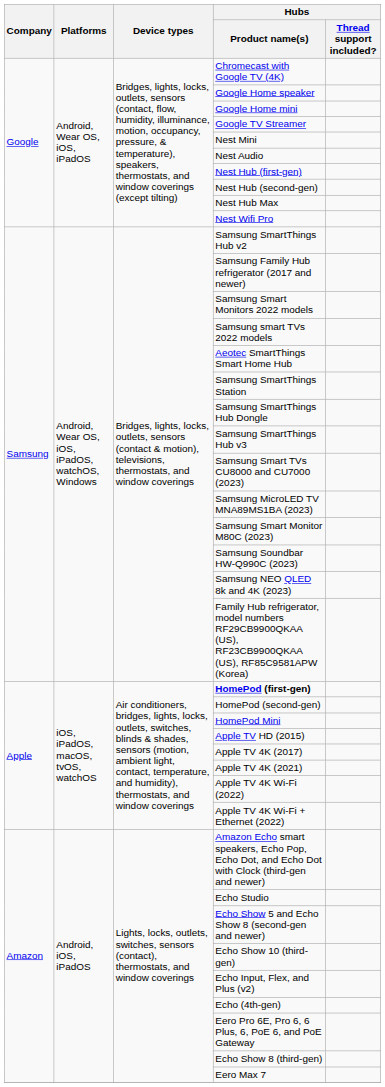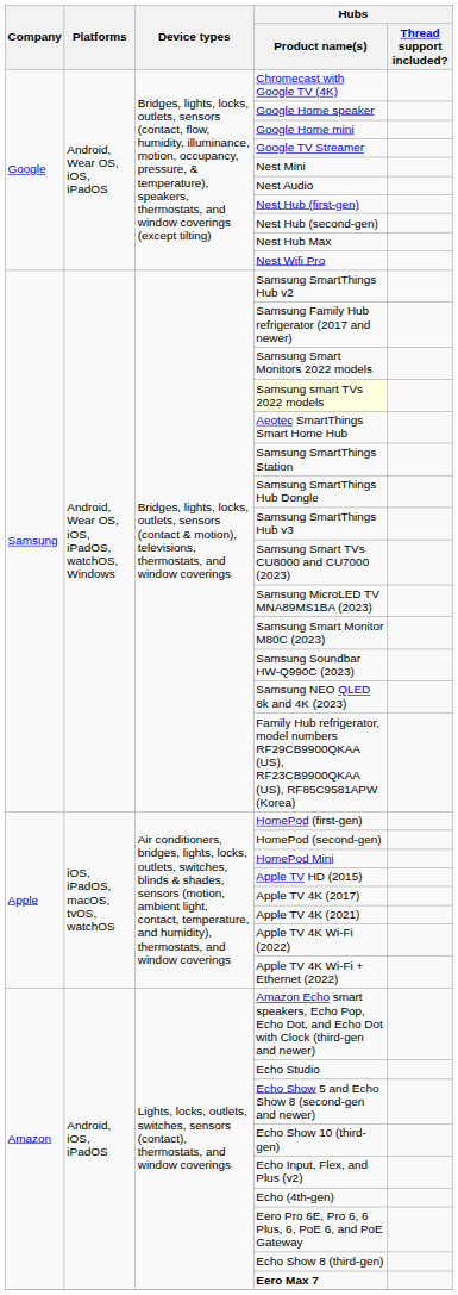 <table class="wikitable">
 <tr>
 <th rowspan=2>Company</th>
 <th rowspan=2>Platforms</th>
 <th rowspan=2>Device types</th>
 <th colspan=2>Hubs</th>
 </tr>
 <tr>
 <th>Product name(s)</th>
 <th><a href='#'>Thread</a> support included?</th>
 </tr>
 <tr>
 <td rowspan=10><a href='#'>Google</a></td>
 <td rowspan=10>Android, Wear OS, iOS, iPadOS</td>
 <td rowspan=10>Bridges, lights, locks, outlets, sensors (contact, flow, humidity, illuminance, motion, occupancy, pressure, & temperature), speakers, thermostats, and window coverings (except tilting)</td>
 <td><a href='#'>Chromecast with Google TV (4K)</a></td>
 <td></td>
 </tr>
 <tr>
 <td><a href='#'>Google Home speaker</a></td>
 <td></td>
 </tr>
 <tr>
 <td><a href='#'>Google Home mini</a></td>
 <td></td>
 </tr>
 <tr>
 <td><a href='#'>Google TV Streamer</a></td>
 <td></td>
 </tr>
 <tr>
 <td>Nest Mini</td>
 <td></td>
 </tr>
 <tr>
 <td>Nest Audio</td>
 <td></td>
 </tr>
 <tr>
 <td><a href='#'>Nest Hub (first-gen)</a></td>
 <td></td>
 </tr>
 <tr>
 <td>Nest Hub (second-gen)</td>
 <td></td>
 </tr>
 <tr>
 <td>Nest Hub Max</td>
 <td></td>
 </tr>
 <tr>
 <td><a href='#'>Nest Wifi Pro</a></td>
 <td></td>
 </tr>
 <tr>
 <td rowspan=14><a href='#'>Samsung</a></td>
 <td rowspan=14>Android, Wear OS, iOS, iPadOS, watchOS, Windows</td>
 <td rowspan=14>Bridges, lights, locks, outlets, sensors (contact & motion), televisions, thermostats, and window coverings</td>
 <td>Samsung SmartThings Hub v2</td>
 <td></td>
 </tr>
 <tr>
 <td>Samsung Family Hub refrigerator (2017 and newer)</td>
 <td></td>
 </tr>
 <tr>
 <td>Samsung Smart Monitors 2022 models</td>
 <td></td>
 </tr>
 <tr>
-<td>Samsung smart TVs 2022 models</td>
+<td style="background: lightyellow;">Samsung smart TVs 2022 models</td>
 <td></td>
 </tr>
 <tr>
 <td><a href='#'>Aeotec</a> SmartThings Smart Home Hub</td>
 <td></td>
 </tr>
 <tr>
 <td>Samsung SmartThings Station</td>
 <td></td>
 </tr>
 <tr>
 <td>Samsung SmartThings Hub Dongle</td>
 <td></td>
 </tr>
 <tr>
 <td>Samsung SmartThings Hub v3</td>
 <td></td>
 </tr>
 <tr>
 <td>Samsung Smart TVs CU8000 and CU7000 (2023)</td>
 <td></td>
 </tr>
 <tr>
 <td>Samsung MicroLED TV MNA89MS1BA (2023)</td>
 <td></td>
 </tr>
 <tr>
 <td>Samsung Smart Monitor M80C (2023)</td>
 <td></td>
 </tr>
 <tr>
 <td>Samsung Soundbar HW-Q990C (2023)</td>
 <td></td>
 </tr>
 <tr>
 <td>Samsung NEO <a href='#'>QLED</a> 8k and 4K (2023)</td>
 <td></td>
 </tr>
 <tr>
 <td>Family Hub refrigerator, model numbers RF29CB9900QKAA (US), RF23CB9900QKAA (US), RF85C9581APW (Korea)</td>
 <td></td>
 </tr>
 <tr>
 <td rowspan="8"><a href='#'>Apple</a></td>
 <td rowspan="8">iOS, iPadOS, macOS, tvOS, watchOS</td>
 <td rowspan="8">Air conditioners, bridges, lights, locks, outlets, switches, blinds & shades, sensors (motion, ambient light, contact, temperature, and humidity), thermostats, and window coverings</td>
-<td><strong><a href='#'>HomePod</a> (first-gen)</strong></td>
+<td><a href='#'>HomePod</a> (first-gen)</td>
 <td></td>
 </tr>
 <tr>
 <td>HomePod (second-gen)</td>
 <td></td>
 </tr>
 <tr>
 <td><a href='#'>HomePod Mini</a></td>
 <td></td>
 </tr>
 <tr>
 <td><a href='#'>Apple TV</a> HD (2015)</td>
 <td></td>
 </tr>
 <tr>
 <td>Apple TV 4K (2017)</td>
 <td></td>
 </tr>
 <tr>
 <td>Apple TV 4K (2021)</td>
 <td></td>
 </tr>
 <tr>
 <td>Apple TV 4K Wi-Fi (2022)</td>
 <td></td>
 </tr>
 <tr>
 <td>Apple TV 4K Wi-Fi + Ethernet (2022)</td>
 <td></td>
 </tr>
 <tr>
 <td rowspan=9><a href='#'>Amazon</a></td>
 <td rowspan=9>Android, iOS, iPadOS</td>
 <td rowspan=9>Lights, locks, outlets, switches, sensors (contact), thermostats, and window coverings</td>
 <td><a href='#'>Amazon Echo</a> smart speakers, Echo Pop, Echo Dot, and Echo Dot with Clock (third-gen and newer)</td>
 <td></td>
 </tr>
 <tr>
 <td>Echo Studio</td>
 <td></td>
 </tr>
 <tr>
 <td><a href='#'>Echo Show</a> 5 and Echo Show 8 (second-gen and newer)</td>
 <td></td>
 </tr>
 <tr>
 <td>Echo Show 10 (third-gen)</td>
 <td></td>
 </tr>
 <tr>
 <td>Echo Input, Flex, and Plus (v2)</td>
 <td></td>
 </tr>
 <tr>
 <td>Echo (4th-gen)</td>
 <td></td>
 </tr>
 <tr>
 <td>Eero Pro 6E, Pro 6, 6 Plus, 6, PoE 6, and PoE Gateway</td>
 <td></td>
 </tr>
 <tr>
 <td>Echo Show 8 (third-gen)</td>
 <td></td>
 </tr>
 <tr>
-<td>Eero Max 7</td>
+<td><strong>Eero Max 7</strong></td>
 <td></td>
 </tr>
 <tr>
 </tr>
 </table>
